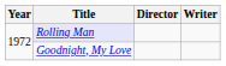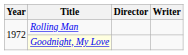 <table class="wikitable">
 <tr>
 <th>Year</th>
 <th>Title</th>
 <th>Director</th>
 <th>Writer</th>
 </tr>
 <tr>
 <td rowspan=2>1972</td>
-<td style="background: lavender;"><em><a href='#'>Rolling Man</a></em></td>
+<td><em><a href='#'>Rolling Man</a></em></td>
 <td></td>
 <td></td>
 </tr>
 <tr>
-<td><em><a href='#'>Goodnight, My Love</a></em></td>
+<td style="background: lightyellow;"><em><a href='#'>Goodnight, My Love</a></em></td>
 <td></td>
 <td></td>
 </tr>
 </table>
